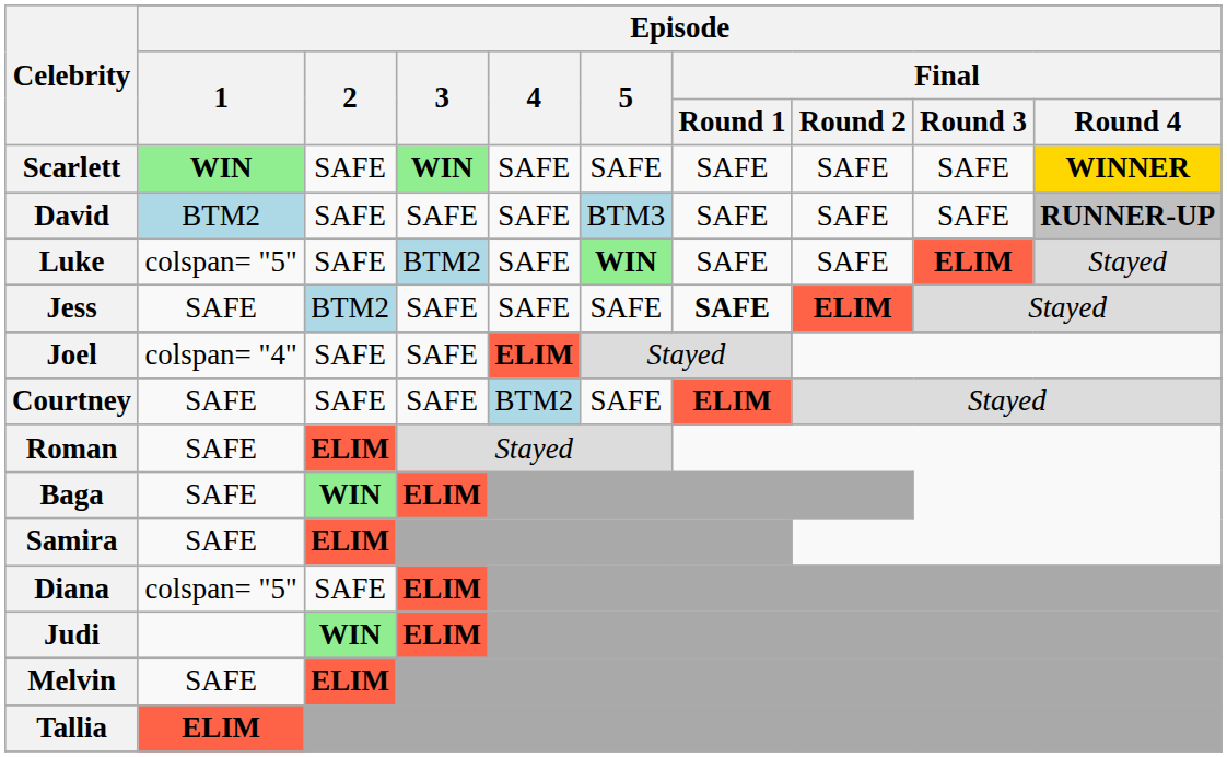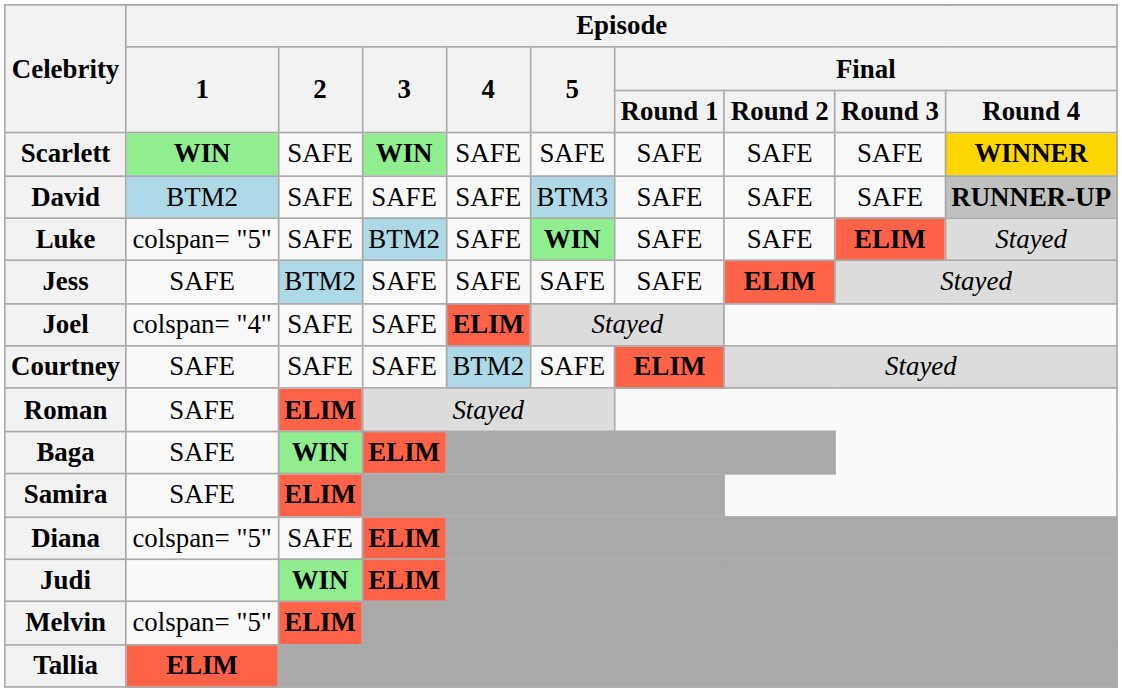 <table class="wikitable plainrowheaders" style="text-align:center">
 <tr>
 <th scope="col" rowspan="4">Celebrity</th>
 </tr>
 <tr>
 <th scope="col" colspan="10">Episode</th>
 </tr>
 <tr>
 <th scope="col" rowspan="2">1</th>
 <th scope="col" rowspan="2">2</th>
 <th scope="col" rowspan="2">3</th>
 <th scope="col" rowspan="2">4</th>
 <th scope="col" rowspan="2">5</th>
 <th scope="col" colspan="4">Final</th>
 </tr>
 <tr>
 <th scope="col">Round 1</th>
 <th scope="col">Round 2</th>
 <th scope="col">Round 3</th>
 <th scope="col">Round 4</th>
 </tr>
 <tr>
 <th>Scarlett</th>
 <td style="background:lightgreen;"><strong>WIN</strong></td>
 <td>SAFE</td>
 <td style="background:lightgreen;"><strong>WIN</strong></td>
 <td>SAFE</td>
 <td>SAFE</td>
 <td>SAFE</td>
 <td>SAFE</td>
 <td>SAFE</td>
 <td style="background:gold;"><strong>WINNER</strong></td>
 </tr>
 <tr>
 <th>David</th>
 <td style="background:lightblue;">BTM2</td>
 <td>SAFE</td>
 <td>SAFE</td>
 <td>SAFE</td>
 <td style="background:lightblue;">BTM3</td>
 <td>SAFE</td>
 <td>SAFE</td>
 <td>SAFE</td>
 <td style="background:silver;"><strong>RUNNER-UP</strong></td>
 </tr>
 <tr>
 <th>Luke</th>
 <td>colspan= "5" </td>
 <td>SAFE</td>
 <td style="background:lightblue;">BTM2</td>
 <td>SAFE</td>
 <td style="background:lightgreen;"><strong>WIN</strong></td>
 <td>SAFE</td>
 <td>SAFE</td>
 <td style="background:tomato;"><strong>ELIM</strong></td>
 <td bgcolor="gainsboro"><em>Stayed</em></td>
 </tr>
 <tr>
 <th>Jess</th>
 <td>SAFE</td>
 <td style="background:lightblue;">BTM2</td>
 <td>SAFE</td>
 <td>SAFE</td>
 <td>SAFE</td>
-<td><strong>SAFE</strong></td>
+<td>SAFE</td>
 <td style="background:tomato;"><strong>ELIM</strong></td>
 <td colspan="2" bgcolor="gainsboro"><em>Stayed</em></td>
 </tr>
 <tr>
 <th>Joel</th>
 <td>colspan= "4" </td>
 <td>SAFE</td>
 <td>SAFE</td>
 <td style="background:tomato;"><strong>ELIM</strong></td>
 <td colspan="2" bgcolor="gainsboro"><em>Stayed</em></td>
 </tr>
 <tr>
 <th>Courtney</th>
 <td>SAFE</td>
 <td>SAFE</td>
 <td>SAFE</td>
 <td style="background:lightblue;">BTM2</td>
 <td>SAFE</td>
 <td style="background:tomato;"><strong>ELIM</strong></td>
 <td colspan="3" bgcolor="gainsboro"><em>Stayed</em></td>
 </tr>
 <tr>
 <th>Roman</th>
 <td>SAFE</td>
 <td style="background:tomato;"><strong>ELIM</strong></td>
 <td colspan="3" bgcolor="gainsboro"><em>Stayed</em></td>
 </tr>
 <tr>
 <th>Baga</th>
 <td>SAFE</td>
 <td style="background:lightgreen;"><strong>WIN</strong></td>
 <td style="background:tomato;"><strong>ELIM</strong></td>
 <td colspan="4" bgcolor="darkgray"></td>
 </tr>
 <tr>
 <th>Samira</th>
 <td>SAFE</td>
 <td style="background:tomato;"><strong>ELIM</strong></td>
 <td colspan="4" bgcolor="darkgray"></td>
 </tr>
 <tr>
 <th>Diana</th>
 <td>colspan= "5" </td>
 <td>SAFE</td>
 <td style="background:tomato;"><strong>ELIM</strong></td>
 <td colspan="6" bgcolor="darkgray"></td>
 </tr>
 <tr>
 <th>Judi</th>
 <td></td>
 <td style="background:lightgreen;"><strong>WIN</strong></td>
 <td style="background:tomato;"><strong>ELIM</strong></td>
 <td colspan="7" bgcolor="darkgray"></td>
 </tr>
 <tr>
 <th>Melvin</th>
-<td>SAFE</td>
+<td>colspan= "5" </td>
 <td style="background:tomato;"><strong>ELIM</strong></td>
 <td colspan="8" bgcolor="darkgray"></td>
 </tr>
 <tr>
 <th>Tallia</th>
 <td style="background:tomato;"><strong>ELIM</strong></td>
 <td colspan="9" bgcolor="darkgray"></td>
 </tr>
 </table>
